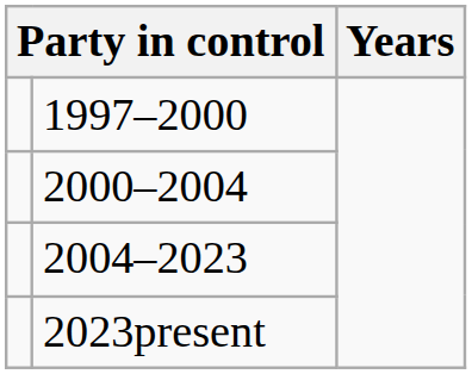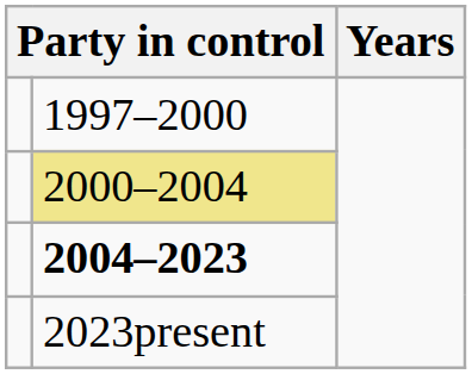 <table class="wikitable">
 <tr>
 <th colspan="2">Party in control</th>
 <th>Years</th>
 </tr>
 <tr>
 <td></td>
 <td>1997–2000</td>
 </tr>
 <tr>
 <td></td>
-<td>2000–2004</td>
+<td style="background: khaki;">2000–2004</td>
 </tr>
 <tr>
 <td></td>
-<td>2004–2023</td>
+<td><strong>2004–2023</strong></td>
 </tr>
 <tr>
 <td></td>
 <td>2023present</td>
 </tr>
 </table>
